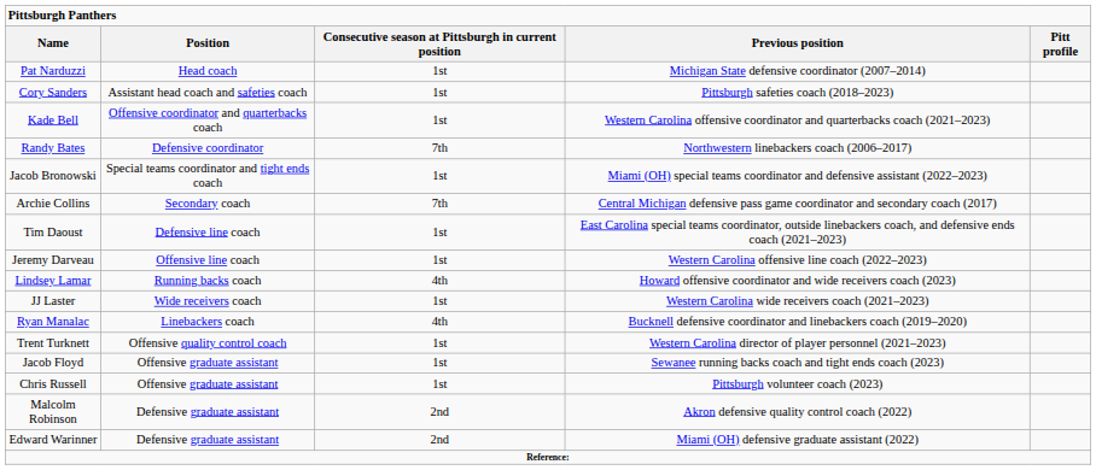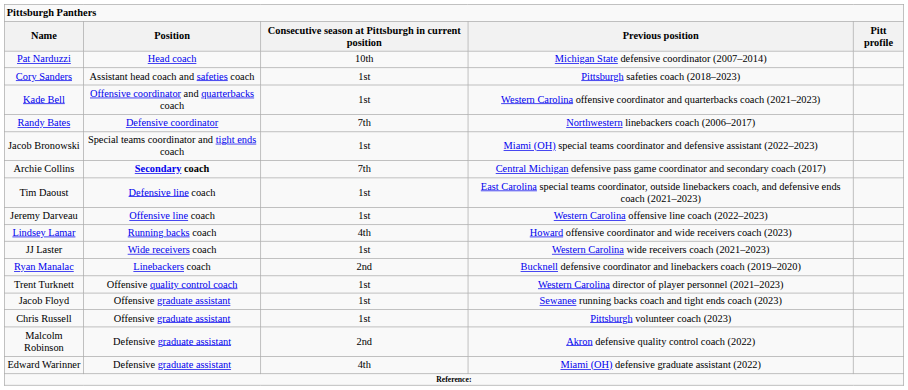 <table class="wikitable" style="font-size:90%;">
 <tr>
 <td colspan=5><strong>Pittsburgh Panthers</strong></td>
 </tr>
 <tr align="center";>
 <th>Name</th>
 <th>Position</th>
 <th>Consecutive season at Pittsburgh in current position</th>
 <th>Previous position</th>
 <th>Pitt profile</th>
 </tr>
 <tr align="center";>
 <td><a href='#'>Pat Narduzzi</a></td>
 <td><a href='#'>Head coach</a></td>
-<td>1st</td>
+<td>10th</td>
 <td><a href='#'>Michigan State</a> defensive coordinator (2007–2014)</td>
 <td></td>
 </tr>
 <tr align="center" ;>
 <td><a href='#'>Cory Sanders</a></td>
 <td>Assistant head coach and <a href='#'>safeties</a> coach</td>
 <td>1st</td>
 <td><a href='#'>Pittsburgh</a> safeties coach (2018–2023)</td>
 <td></td>
 </tr>
 <tr align="center";>
 <td><a href='#'>Kade Bell</a></td>
 <td><a href='#'>Offensive coordinator</a> and <a href='#'>quarterbacks</a> coach</td>
 <td>1st</td>
 <td><a href='#'>Western Carolina</a> offensive coordinator and quarterbacks coach (2021–2023)</td>
 <td></td>
 </tr>
 <tr align="center";>
 <td><a href='#'>Randy Bates</a></td>
 <td><a href='#'>Defensive coordinator</a></td>
 <td>7th</td>
 <td><a href='#'>Northwestern</a> linebackers coach (2006–2017)</td>
 <td></td>
 </tr>
 <tr align="center";>
 <td>Jacob Bronowski</td>
 <td>Special teams coordinator and <a href='#'>tight ends</a> coach</td>
 <td>1st</td>
 <td><a href='#'>Miami (OH)</a> special teams coordinator and defensive assistant (2022–2023)</td>
 <td></td>
 </tr>
 <tr align="center";>
 <td>Archie Collins</td>
-<td><a href='#'>Secondary</a> coach</td>
+<td><strong><a href='#'>Secondary</a> coach</strong></td>
 <td>7th</td>
 <td><a href='#'>Central Michigan</a> defensive pass game coordinator and secondary coach (2017)</td>
 <td></td>
 </tr>
 <tr align="center";>
 <td>Tim Daoust</td>
 <td><a href='#'>Defensive line</a> coach</td>
 <td>1st</td>
 <td><a href='#'>East Carolina</a> special teams coordinator, outside linebackers coach, and defensive ends coach (2021–2023)</td>
 <td></td>
 </tr>
 <tr align="center";>
 <td>Jeremy Darveau</td>
 <td><a href='#'>Offensive line</a> coach</td>
 <td>1st</td>
 <td><a href='#'>Western Carolina</a> offensive line coach (2022–2023)</td>
 <td></td>
 </tr>
 <tr align="center";>
 <td><a href='#'>Lindsey Lamar</a></td>
 <td><a href='#'>Running backs</a> coach</td>
 <td>4th</td>
 <td><a href='#'>Howard</a> offensive coordinator and wide receivers coach (2023)</td>
 <td></td>
 </tr>
 <tr align="center";>
 <td>JJ Laster</td>
 <td><a href='#'>Wide receivers</a> coach</td>
 <td>1st</td>
 <td><a href='#'>Western Carolina</a> wide receivers coach (2021–2023)</td>
 <td></td>
 </tr>
 <tr align="center";>
 <td><a href='#'>Ryan Manalac</a></td>
 <td><a href='#'>Linebackers</a> coach</td>
-<td>4th</td>
+<td>2nd</td>
 <td><a href='#'>Bucknell</a> defensive coordinator and linebackers coach (2019–2020)</td>
 <td></td>
 </tr>
 <tr align="center";>
 <td>Trent Turknett</td>
 <td>Offensive <a href='#'>quality control coach</a></td>
 <td>1st</td>
 <td><a href='#'>Western Carolina</a> director of player personnel (2021–2023)</td>
 <td></td>
 </tr>
 <tr align="center";>
 <td>Jacob Floyd</td>
 <td>Offensive <a href='#'>graduate assistant</a></td>
 <td>1st</td>
 <td><a href='#'>Sewanee</a> running backs coach and tight ends coach (2023)</td>
 <td></td>
 </tr>
 <tr align="center";>
 <td>Chris Russell</td>
 <td>Offensive <a href='#'>graduate assistant</a></td>
 <td>1st</td>
 <td><a href='#'>Pittsburgh</a> volunteer coach (2023)</td>
 <td></td>
 </tr>
 <tr align="center";>
 <td>Malcolm Robinson</td>
 <td>Defensive <a href='#'>graduate assistant</a></td>
 <td>2nd</td>
 <td><a href='#'>Akron</a> defensive quality control coach (2022)</td>
 <td></td>
 </tr>
 <tr align="center" ;>
 <td>Edward Warinner</td>
 <td>Defensive <a href='#'>graduate assistant</a></td>
-<td>2nd</td>
+<td>4th</td>
 <td><a href='#'>Miami (OH)</a> defensive graduate assistant (2022)</td>
 <td></td>
 </tr>
 <tr>
 <td colspan="5" style="font-size:8pt; text-align:center;"><strong>Reference:</strong></td>
 </tr>
 </table>
